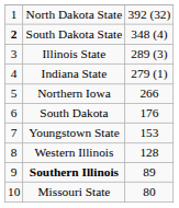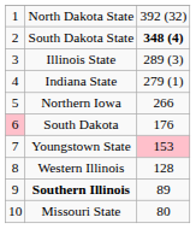 <table class="wikitable">
 <tr align="center">
 </tr>
 <tr align="center">
 <td>1</td>
 <td>North Dakota State</td>
 <td>392 (32)</td>
 </tr>
 <tr align="center">
-<td><strong>2</strong></td>
+<td>2</td>
 <td>South Dakota State</td>
-<td>348 (4)</td>
+<td><strong>348 (4)</strong></td>
 </tr>
 <tr align="center">
 <td>3</td>
 <td>Illinois State</td>
 <td>289 (3)</td>
 </tr>
 <tr align="center">
 <td>4</td>
 <td>Indiana State</td>
 <td>279 (1)</td>
 </tr>
 <tr align="center">
 <td>5</td>
 <td>Northern Iowa</td>
 <td>266</td>
 </tr>
 <tr align="center">
-<td>6</td>
+<td style="background: pink;">6</td>
 <td>South Dakota</td>
 <td>176</td>
 </tr>
 <tr align="center">
 <td>7</td>
 <td>Youngstown State</td>
-<td>153</td>
+<td style="background: pink;">153</td>
 </tr>
 <tr align="center">
 <td>8</td>
 <td>Western Illinois</td>
 <td>128</td>
 </tr>
 <tr align="center">
 <td>9</td>
 <td><strong>Southern Illinois</strong></td>
 <td>89</td>
 </tr>
 <tr align="center">
 <td>10</td>
 <td>Missouri State</td>
 <td>80</td>
 </tr>
 </table>
